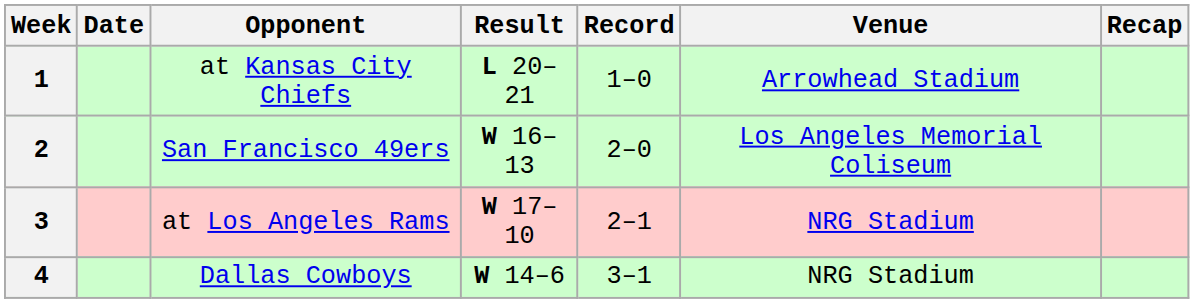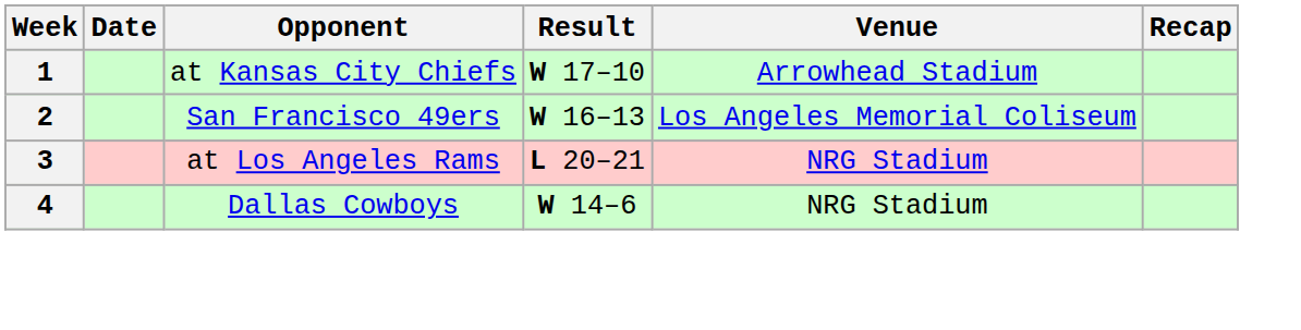 <table class="wikitable" style="text-align:center">
 <tr>
 <th>Week</th>
 <th>Date</th>
 <th>Opponent</th>
 <th>Result</th>
-<th>Record</th>
 <th>Venue</th>
 <th>Recap</th>
 </tr>
 <tr style="background:#cfc">
 <th>1</th>
 <td></td>
 <td>at <a href='#'>Kansas City Chiefs</a></td>
-<td><strong>L</strong> 20–21</td>
-<td>1–0</td>
+<td><strong>W</strong> 17–10</td>
 <td><a href='#'>Arrowhead Stadium</a></td>
 <td></td>
 </tr>
 <tr style="background:#cfc">
 <th>2</th>
 <td></td>
 <td><a href='#'>San Francisco 49ers</a></td>
 <td><strong>W</strong> 16–13</td>
-<td>2–0</td>
 <td><a href='#'>Los Angeles Memorial Coliseum</a></td>
 <td></td>
 </tr>
 <tr style="background:#fcc">
 <th>3</th>
 <td></td>
 <td>at <a href='#'>Los Angeles Rams</a></td>
-<td><strong>W</strong> 17–10</td>
-<td>2–1</td>
+<td><strong>L</strong> 20–21</td>
 <td><a href='#'>NRG Stadium</a></td>
 <td></td>
 </tr>
 <tr style="background:#cfc">
 <th>4</th>
 <td></td>
 <td><a href='#'>Dallas Cowboys</a></td>
 <td><strong>W</strong> 14–6</td>
-<td>3–1</td>
 <td>NRG Stadium</td>
 <td></td>
 </tr>
 </table>
